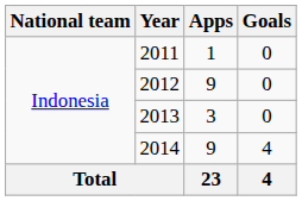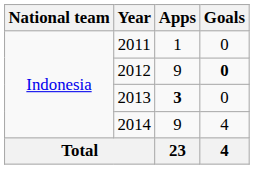 <table class="wikitable" style="text-align:center">
 <tr>
 <th>National team</th>
 <th>Year</th>
 <th>Apps</th>
 <th>Goals</th>
 </tr>
 <tr>
 <td rowspan=4><a href='#'>Indonesia</a></td>
 <td>2011</td>
 <td>1</td>
 <td>0</td>
 </tr>
 <tr>
 <td>2012</td>
 <td>9</td>
-<td>0</td>
+<td><strong>0</strong></td>
 </tr>
 <tr>
 <td>2013</td>
-<td>3</td>
+<td><strong>3</strong></td>
 <td>0</td>
 </tr>
 <tr>
 <td>2014</td>
 <td>9</td>
 <td>4</td>
 </tr>
 <tr>
 <th colspan=2>Total</th>
 <th>23</th>
 <th>4</th>
 </tr>
 </table>
